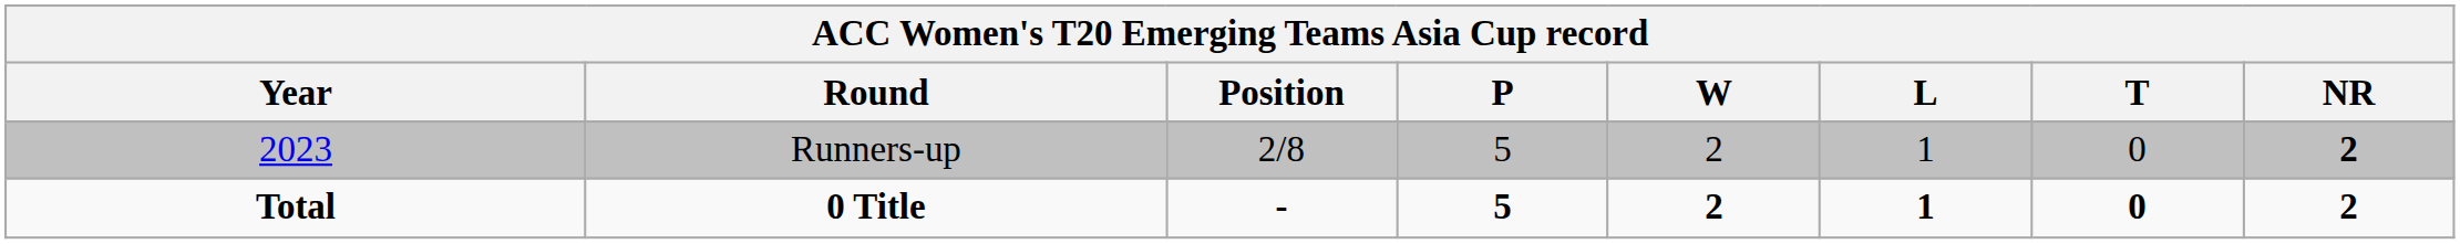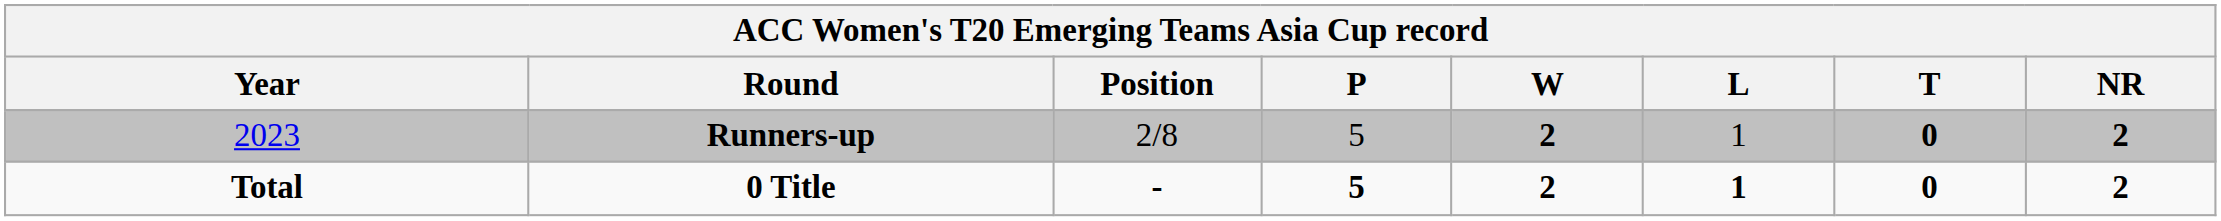 <table class="wikitable" style="text-align: center; width:85%">
 <tr>
 <th colspan=10>ACC Women's T20 Emerging Teams Asia Cup record</th>
 </tr>
 <tr>
 <th width=150>Year</th>
 <th width=150>Round</th>
 <th width=50>Position</th>
 <th width=50>P</th>
 <th width=50>W</th>
 <th width=50>L</th>
 <th width=50>T</th>
 <th width=50>NR</th>
 </tr>
 <tr style="background:silver;">
 <td> <a href='#'>2023</a></td>
-<td>Runners-up</td>
+<td><strong>Runners-up</strong></td>
 <td>2/8</td>
 <td>5</td>
-<td>2</td>
+<td><strong>2</strong></td>
 <td>1</td>
-<td>0</td>
+<td><strong>0</strong></td>
 <td><strong>2</strong></td>
 </tr>
 <tr>
 <td><strong>Total</strong></td>
 <td><strong>0 Title</strong></td>
 <td><strong>-</strong></td>
 <td><strong>5</strong></td>
 <td><strong>2</strong></td>
 <td><strong>1</strong></td>
 <td><strong>0</strong></td>
 <td><strong>2</strong></td>
 </tr>
 </table>
